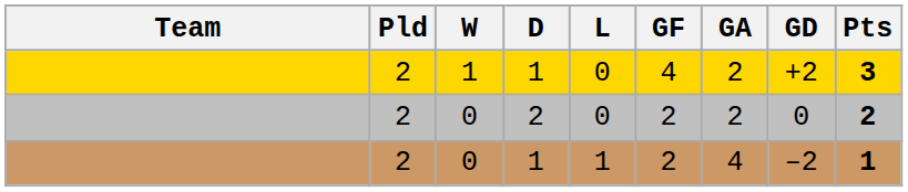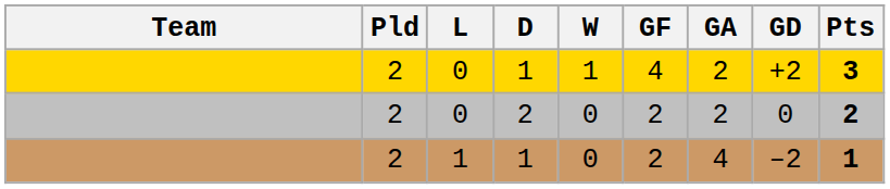 <table class="wikitable" style="text-align: center;">
 <tr>
 <th width=165>Team</th>
 <th width=25>Pld</th>
+<th width=25>L</th>
+<th width=25>D</th>
 <th width=25>W</th>
-<th width=25>D</th>
-<th width=25>L</th>
 <th width=25>GF</th>
 <th width=25>GA</th>
 <th width=25>GD</th>
 <th width=25>Pts</th>
 </tr>
 <tr bgcolor=gold>
 <td align="left"></td>
 <td>2</td>
+<td>0</td>
 <td>1</td>
 <td>1</td>
-<td>0</td>
 <td>4</td>
 <td>2</td>
 <td>+2</td>
 <td><strong>3</strong></td>
 </tr>
 <tr bgcolor=silver>
 <td align="left"></td>
 <td>2</td>
 <td>0</td>
 <td>2</td>
 <td>0</td>
 <td>2</td>
 <td>2</td>
 <td>0</td>
 <td><strong>2</strong></td>
 </tr>
 <tr bgcolor=#cc9966>
 <td align="left"></td>
 <td>2</td>
-<td>0</td>
 <td>1</td>
 <td>1</td>
+<td>0</td>
 <td>2</td>
 <td>4</td>
 <td>–2</td>
 <td><strong>1</strong></td>
 </tr>
 </table>
